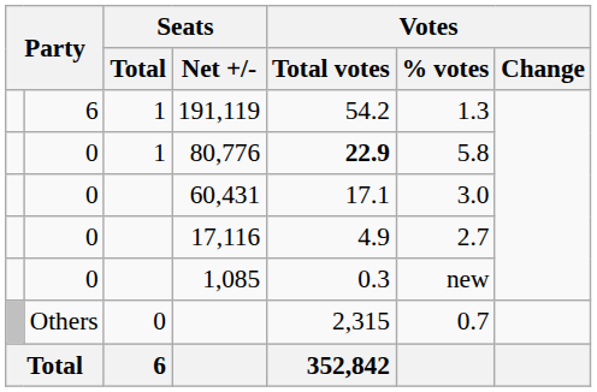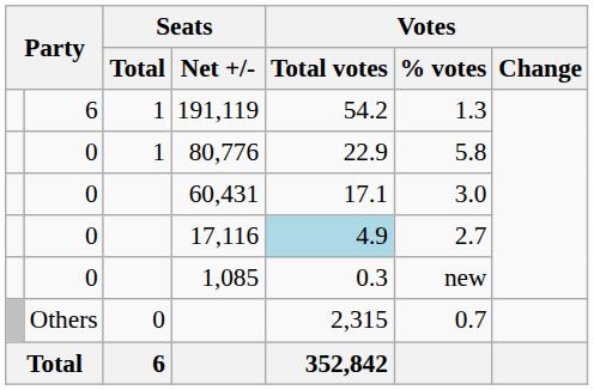 <table class="wikitable" style="text-align:right; font-size:95%;">
 <tr>
 <th colspan="2" rowspan="2">Party</th>
 <th colspan="2">Seats</th>
 <th colspan="3">Votes</th>
 </tr>
 <tr>
 <th>Total</th>
 <th>Net +/-</th>
 <th>Total votes</th>
 <th>% votes</th>
 <th>Change</th>
 </tr>
 <tr>
 <td></td>
 <td>6</td>
 <td>1</td>
 <td>191,119</td>
 <td>54.2</td>
 <td>1.3</td>
 </tr>
 <tr>
 <td></td>
 <td>0</td>
 <td>1</td>
 <td>80,776</td>
-<td><strong>22.9</strong></td>
+<td>22.9</td>
 <td>5.8</td>
 </tr>
 <tr>
 <td></td>
 <td>0</td>
 <td></td>
 <td>60,431</td>
 <td>17.1</td>
 <td>3.0</td>
 </tr>
 <tr>
 <td></td>
 <td>0</td>
 <td></td>
 <td>17,116</td>
-<td>4.9</td>
+<td style="background: lightblue;">4.9</td>
 <td>2.7</td>
 </tr>
 <tr>
 <td></td>
 <td>0</td>
 <td></td>
 <td>1,085</td>
 <td>0.3</td>
 <td>new</td>
 </tr>
 <tr>
 <td style="background:silver;"> </td>
 <td align=left>Others</td>
 <td>0</td>
 <td></td>
 <td>2,315</td>
 <td>0.7</td>
 <td></td>
 </tr>
 <tr>
 <th colspan="2" style="background:#f2f2f2">Total</th>
 <td style="background:#f2f2f2;"><strong>6</strong></td>
 <td style="background:#f2f2f2;"></td>
 <td style="background:#f2f2f2;"><strong>352,842</strong></td>
 <td style="background:#f2f2f2;"></td>
 <td style="background:#f2f2f2;"></td>
 </tr>
 </table>
